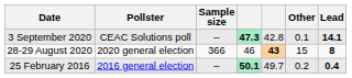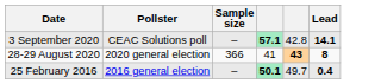 <table class="wikitable sortable" style="text-align:center;font-size:90%;line-height:14px;">
 <tr>
 <th>Date</th>
 <th>Pollster</th>
 <th>Sample<br>size</th>
 <th style="background:"><a href='#'></a></th>
 <th style="background:"><a href='#'></a></th>
-<th>Other</th>
 <th>Lead</th>
 </tr>
 <tr style="background:#E9E9E9;">
 <td>3 September 2020</td>
 <td>CEAC Solutions poll</td>
 <td>–</td>
-<td style="background:#a3ebc3;"><strong>47.3</strong></td>
+<td style="background:#a3ebc3;"><strong>57.1</strong></td>
 <td>42.8</td>
-<td>0.1</td>
 <td style="background:"><strong>14.1</strong></td>
 </tr>
 <tr>
 <td>28-29 August 2020</td>
 <td>2020 general election</td>
 <td>366</td>
-<td>46</td>
+<td>41</td>
 <td style="background:#FFD39B"><strong>43</strong></td>
-<td>15</td>
 <td style="background:"><strong>8</strong></td>
 </tr>
 <tr style="background:#E9E9E9;">
 <td>25 February 2016</td>
 <td><a href='#'>2016 general election</a></td>
 <td>–</td>
 <td style="background:#a3ebc3;"><strong>50.1</strong></td>
 <td>49.7</td>
-<td>0.2</td>
 <td style="background:"><strong>0.4</strong></td>
 </tr>
 </table>
